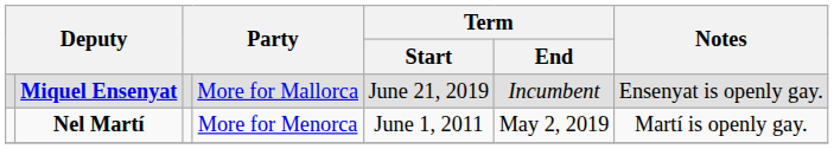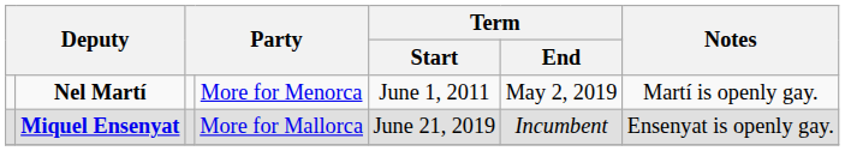 <table class="wikitable sortable" style="text-align:center">
 <tr>
 <th colspan="2" rowspan="2">Deputy</th>
 <th colspan="2" rowspan="2">Party</th>
 <th colspan="2">Term</th>
 <th rowspan="2">Notes</th>
 </tr>
 <tr>
 <th>Start</th>
 <th>End</th>
 </tr>
+<tr>
+<td></td>
+<td><strong>Nel Martí</strong></td>
+<td style="background-color:"></td>
+<td><a href='#'>More for Menorca</a></td>
+<td>June 1, 2011</td>
+<td>May 2, 2019</td>
+<td>Martí is openly gay.</td>
+</tr>
 <tr style="background:#e0e0e0">
 <td></td>
 <td><strong><a href='#'>Miquel Ensenyat</a></strong></td>
 <td style="background-color:"></td>
 <td><a href='#'>More for Mallorca</a></td>
 <td>June 21, 2019</td>
 <td><em>Incumbent</em></td>
 <td>Ensenyat is openly gay.</td>
 </tr>
 <tr>
-<td></td>
-<td><strong>Nel Martí</strong></td>
-<td style="background-color:"></td>
-<td><a href='#'>More for Menorca</a></td>
-<td>June 1, 2011</td>
-<td>May 2, 2019</td>
-<td>Martí is openly gay.</td>
-</tr>
-<tr>
 </tr>
 </table>
